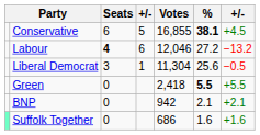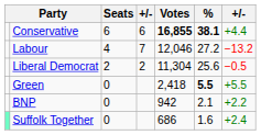 <table class="wikitable sortable">
 <tr>
 <th colspan="2">Party</th>
 <th>Seats</th>
 <th>+/-</th>
 <th>Votes</th>
 <th>%</th>
 <th>+/-</th>
 </tr>
 <tr>
 <td style="background-color: "></td>
 <td><a href='#'>Conservative</a></td>
 <td>6</td>
-<td> 5</td>
-<td>16,855</td>
+<td> 6</td>
+<td><strong>16,855</strong></td>
 <td><strong>38.1</strong></td>
-<td style="color:green">+4.5</td>
+<td style="color:green">+4.4</td>
 </tr>
 <tr>
 <td style="background-color: "></td>
 <td><a href='#'>Labour</a></td>
-<td><strong>4</strong></td>
-<td> 6</td>
+<td>4</td>
+<td> 7</td>
 <td>12,046</td>
 <td>27.2</td>
 <td style="color:red">−13.2</td>
 </tr>
 <tr>
 <td style="background-color: "></td>
 <td><a href='#'>Liberal Democrat</a></td>
-<td>3</td>
-<td> 1</td>
+<td>2</td>
+<td> 2</td>
 <td>11,304</td>
 <td>25.6</td>
 <td style="color:red">−0.5</td>
 </tr>
 <tr>
 <td style="background-color: "></td>
 <td><a href='#'>Green</a></td>
 <td>0</td>
 <td></td>
 <td>2,418</td>
 <td><strong>5.5</strong></td>
 <td style="color:green">+5.5</td>
 </tr>
 <tr>
 <td style="background-color: "></td>
 <td><a href='#'>BNP</a></td>
 <td>0</td>
 <td></td>
 <td>942</td>
 <td>2.1</td>
-<td style="color:green">+2.1</td>
+<td style="color:green">+2.2</td>
 </tr>
 <tr>
 <td style="background-color: #6EFFC5"></td>
 <td><a href='#'>Suffolk Together</a></td>
 <td>0</td>
 <td></td>
 <td>686</td>
 <td>1.6</td>
-<td style="color:green">+1.6</td>
+<td style="color:green">+2.4</td>
 </tr>
 </table>
